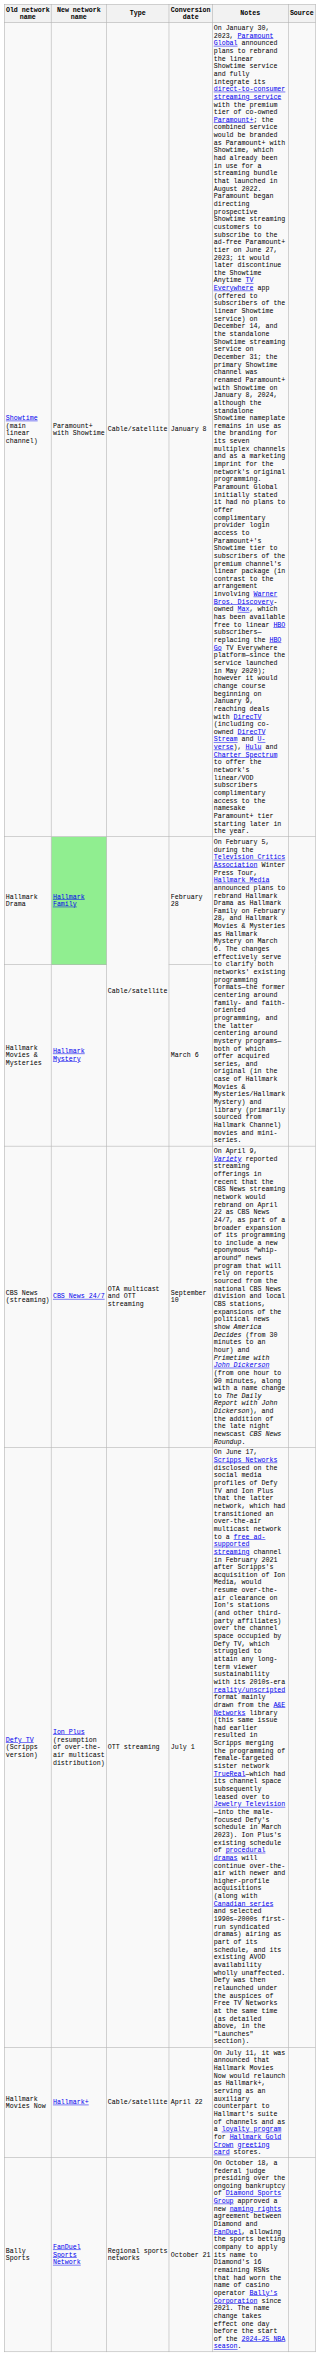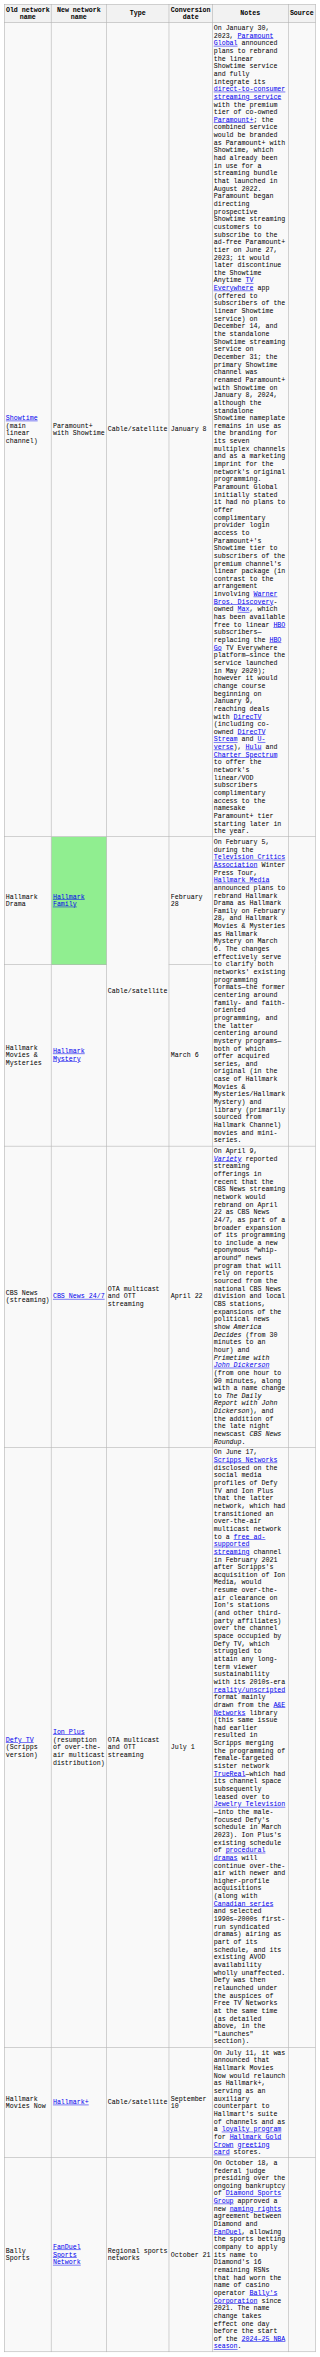 <table class="wikitable">
 <tr>
 <th style="text-align:center; width:125px">Old network<br>name</th>
 <th style="text-align:center; width:125px">New network<br>name</th>
 <th style="text-align:center; width:130px">Type</th>
 <th style="text-align:center; width:60px">Conversion date</th>
 <th style="text-align:center; width:500px">Notes</th>
 <th style="text-align:center; width:30px">Source</th>
 </tr>
 <tr>
 <td><a href='#'>Showtime</a> (main linear channel)</td>
 <td>Paramount+ with Showtime</td>
 <td>Cable/satellite</td>
 <td>January 8</td>
 <td>On January 30, 2023, <a href='#'>Paramount Global</a> announced plans to rebrand the linear Showtime service and fully integrate its <a href='#'>direct-to-consumer streaming service</a> with the premium tier of co-owned <a href='#'>Paramount+</a>; the combined service would be branded as Paramount+ with Showtime, which had already been in use for a streaming bundle that launched in August 2022. Paramount began directing prospective Showtime streaming customers to subscribe to the ad-free Paramount+ tier on June 27, 2023; it would later discontinue the Showtime Anytime <a href='#'>TV Everywhere</a> app (offered to subscribers of the linear Showtime service) on December 14, and the standalone Showtime streaming service on December 31; the primary Showtime channel was renamed Paramount+ with Showtime on January 8, 2024, although the standalone Showtime nameplate remains in use as the branding for its seven multiplex channels and as a marketing imprint for the network's original programming. Paramount Global initially stated it had no plans to offer complimentary provider login access to Paramount+'s Showtime tier to subscribers of the premium channel's linear package (in contrast to the arrangement involving <a href='#'>Warner Bros. Discovery</a>-owned <a href='#'>Max</a>, which has been available free to linear <a href='#'>HBO</a> subscribers—replacing the <a href='#'>HBO Go</a> TV Everywhere platform—since the service launched in May 2020); however it would change course beginning on January 9, reaching deals with <a href='#'>DirecTV</a> (including co-owned <a href='#'>DirecTV Stream</a> and <a href='#'>U-verse</a>), <a href='#'>Hulu</a> and <a href='#'>Charter Spectrum</a> to offer the network's linear/VOD subscribers complimentary access to the namesake Paramount+ tier starting later in the year.</td>
 <td><br><br></td>
 </tr>
 <tr>
 <td>Hallmark Drama</td>
 <td style="background: lightgreen;"><a href='#'>Hallmark Family</a></td>
 <td rowspan="2">Cable/satellite</td>
 <td>February 28</td>
 <td rowspan="2">On February 5, during the <a href='#'>Television Critics Association</a> Winter Press Tour, <a href='#'>Hallmark Media</a> announced plans to rebrand Hallmark Drama as Hallmark Family on February 28, and Hallmark Movies & Mysteries as Hallmark Mystery on March 6. The changes effectively serve to clarify both networks' existing programming formats—the former centering around family- and faith-oriented programming, and the latter centering around mystery programs—both of which offer acquired series, and original (in the case of Hallmark Movies & Mysteries/Hallmark Mystery) and library (primarily sourced from Hallmark Channel) movies and mini-series.</td>
 <td rowspan="2"></td>
 </tr>
 <tr>
 <td>Hallmark Movies & Mysteries</td>
 <td><a href='#'>Hallmark Mystery</a></td>
 <td>March 6</td>
 </tr>
 <tr>
 <td>CBS News (streaming)</td>
 <td><a href='#'>CBS News 24/7</a></td>
 <td>OTA multicast and OTT streaming</td>
-<td>September 10</td>
+<td>April 22</td>
 <td>On April 9, <em><a href='#'>Variety</a></em> reported streaming offerings in recent that the CBS News streaming network would rebrand on April 22 as CBS News 24/7, as part of a broader expansion of its programming to include a new eponymous “whip-around” news program that will rely on reports sourced from the national CBS News division and local CBS stations, expansions of the political news show <em>America Decides</em> (from 30 minutes to an hour) and <em>Primetime with <a href='#'>John Dickerson</a></em> (from one hour to 90 minutes, along with a name change to <em>The Daily Report with John Dickerson</em>), and the addition of the late night newscast <em>CBS News Roundup</em>.</td>
 <td></td>
 </tr>
 <tr>
 <td><a href='#'>Defy TV</a> (Scripps version)</td>
 <td><a href='#'>Ion Plus</a> (resumption of over-the-air multicast distribution)</td>
-<td>OTT streaming</td>
+<td>OTA multicast and OTT streaming</td>
 <td>July 1</td>
 <td>On June 17, <a href='#'>Scripps Networks</a> disclosed on the social media profiles of Defy TV and Ion Plus that the latter network, which had transitioned an over-the-air multicast network to a <a href='#'>free ad-supported streaming</a> channel in February 2021 after Scripps's acquisition of Ion Media, would resume over-the-air clearance on Ion's stations (and other third-party affiliates) over the channel space occupied by Defy TV, which struggled to attain any long-term viewer sustainability with its 2010s-era <a href='#'>reality/unscripted</a> format mainly drawn from the <a href='#'>A&E Networks</a> library (this same issue had earlier resulted in Scripps merging the programming of female-targeted sister network <a href='#'>TrueReal</a>—which had its channel space subsequently leased over to <a href='#'>Jewelry Television</a>—into the male-focused Defy's schedule in March 2023). Ion Plus's existing schedule of <a href='#'>procedural dramas</a> will continue over-the-air with newer and higher-profile acquisitions (along with <a href='#'>Canadian series</a> and selected 1990s–2000s first-run syndicated dramas) airing as part of its schedule, and its existing AVOD availability wholly unaffected. Defy was then relaunched under the auspices of Free TV Networks at the same time (as detailed above, in the "Launches" section).</td>
 <td></td>
 </tr>
 <tr>
 <td>Hallmark Movies Now</td>
 <td><a href='#'>Hallmark+</a></td>
 <td>Cable/satellite</td>
-<td>April 22</td>
+<td>September 10</td>
 <td>On July 11, it was announced that Hallmark Movies Now would relaunch as Hallmark+, serving as an auxiliary counterpart to Hallmart's suite of channels and as a <a href='#'>loyalty program</a> for <a href='#'>Hallmark Gold Crown</a> <a href='#'>greeting card</a> stores.</td>
 <td><br></td>
 </tr>
 <tr>
 <td>Bally Sports</td>
 <td><a href='#'>FanDuel Sports Network</a></td>
 <td>Regional sports networks</td>
 <td>October 21</td>
 <td>On October 18, a federal judge presiding over the ongoing bankruptcy of <a href='#'>Diamond Sports Group</a> approved a new <a href='#'>naming rights</a> agreement between Diamond and <a href='#'>FanDuel</a>, allowing the sports betting company to apply its name to Diamond's 16 remaining RSNs that had worn the name of casino operator <a href='#'>Bally's Corporation</a> since 2021. The name change takes effect one day before the start of the <a href='#'>2024–25 NBA season</a>.</td>
 <td></td>
 </tr>
 </table>
